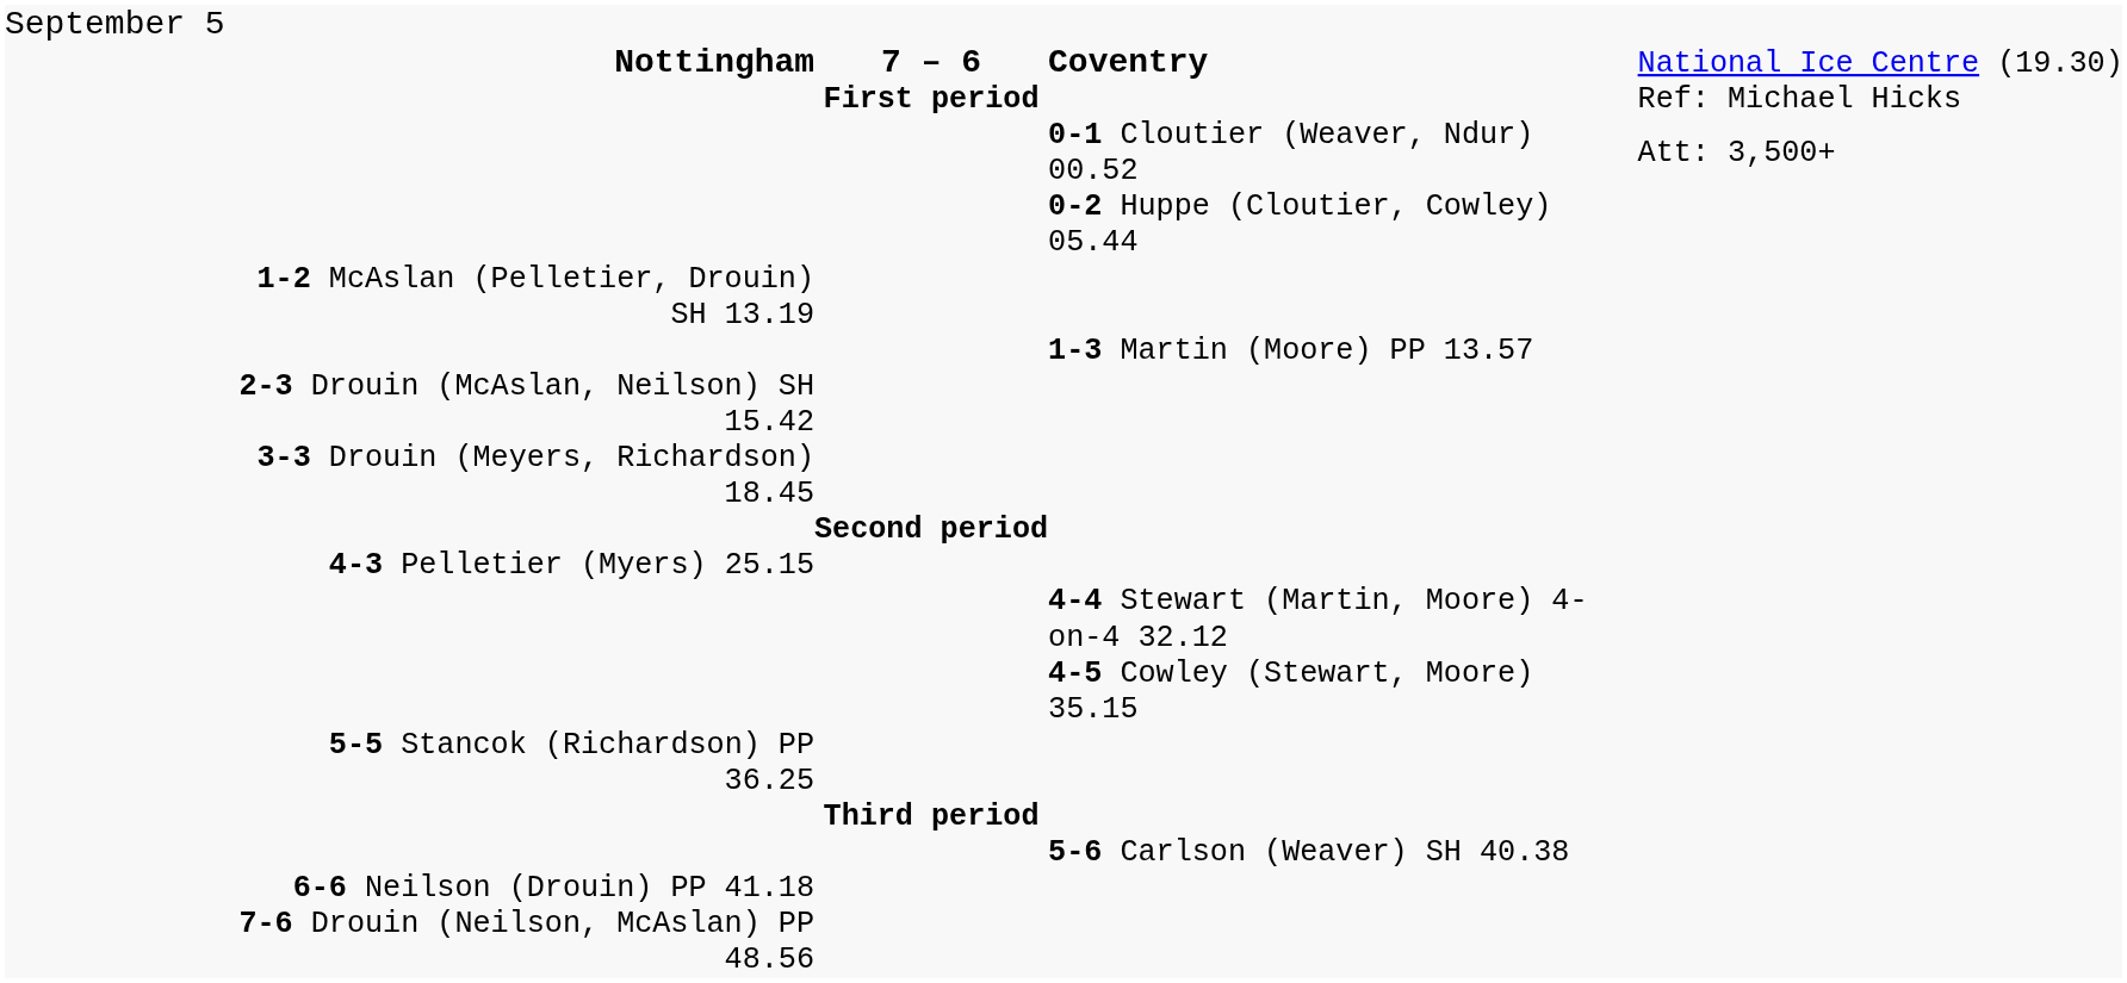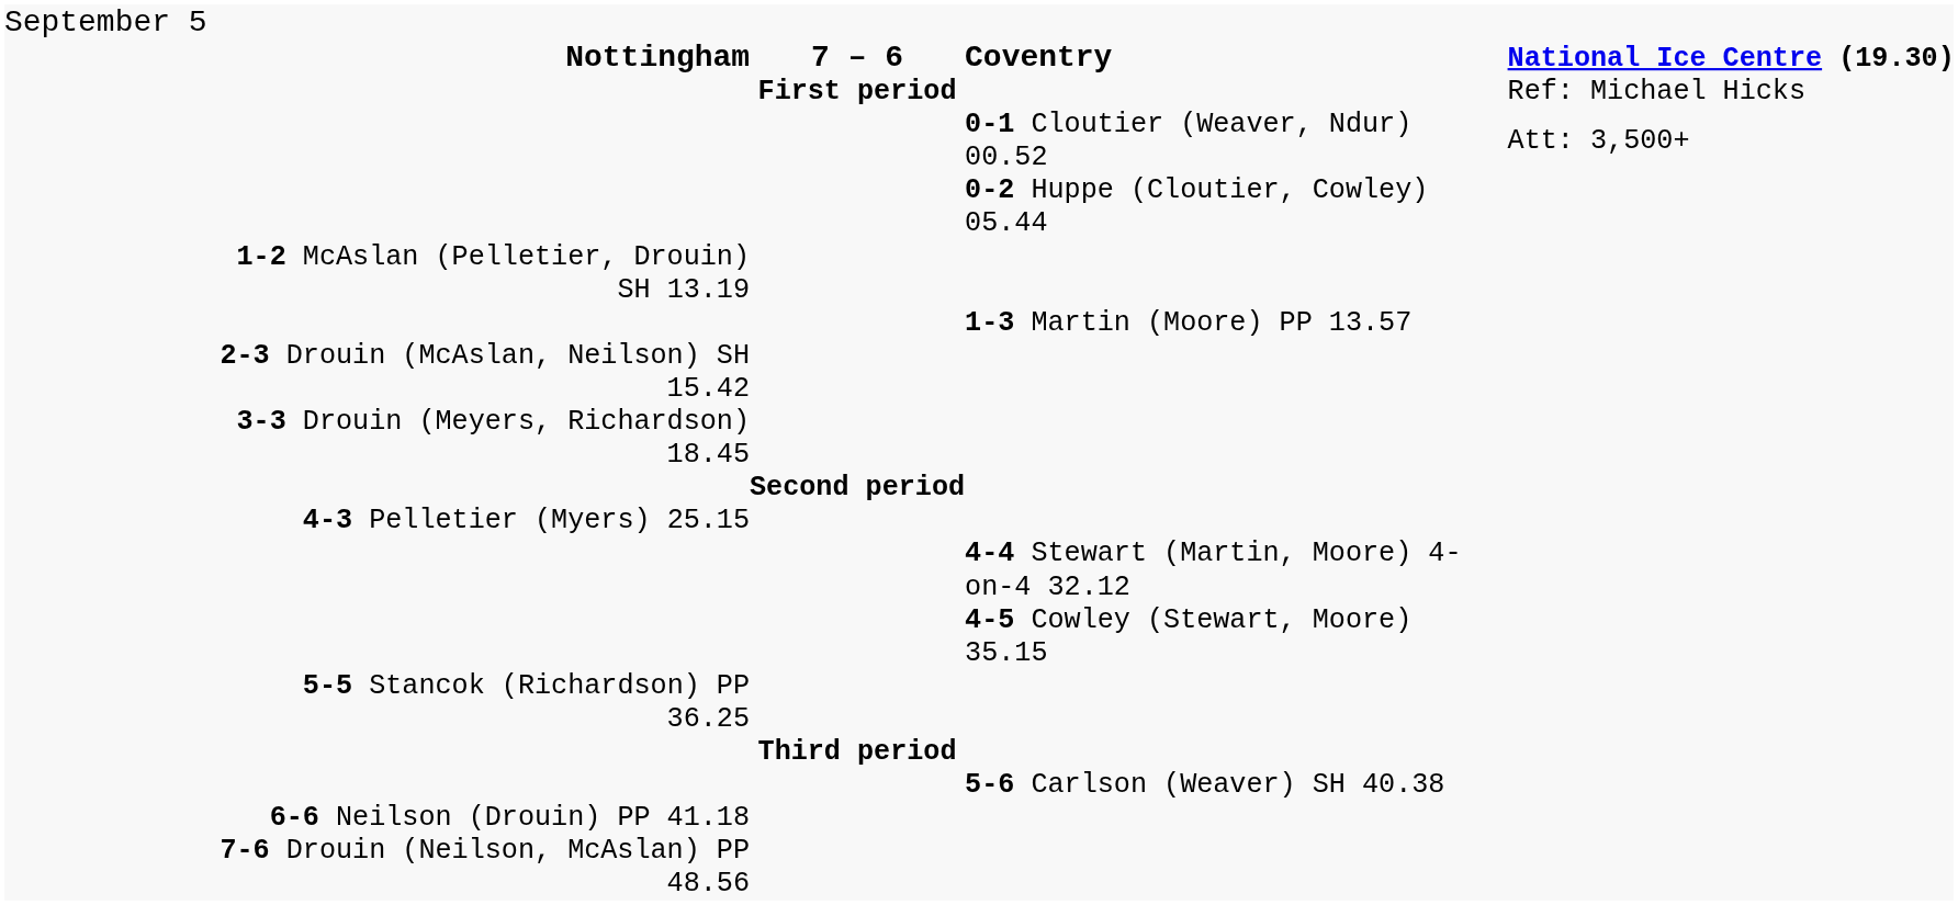 <table cellpadding=0 cellspacing=0 border=0 style="background-color:#F8F8F8">
 <tr>
 <td></td>
 </tr>
 <tr>
 <td>September 5</td>
 </tr>
 <tr>
 <td></td>
 <td align=right width="230"><strong>Nottingham</strong></td>
 <td align=center><strong>7 – 6</strong></td>
 <td width="230"><strong>Coventry</strong></td>
 <td></td>
-<td style=font-size:90%><a href='#'>National Ice Centre</a> (19.30)</td>
+<td style=font-size:90%><strong><a href='#'>National Ice Centre</a> (19.30)</strong></td>
 </tr>
 <tr style=font-size:90%>
 <td></td>
 <td></td>
 <td align=center><strong>First period</strong></td>
 <td></td>
 <td></td>
 <td>Ref: Michael Hicks</td>
 </tr>
 <tr style=font-size:90%>
 <td></td>
 <td align=right></td>
 <td></td>
 <td><strong>0-1</strong> Cloutier (Weaver, Ndur) 00.52</td>
 <td></td>
 <td>Att: 3,500+</td>
 </tr>
 <tr style=font-size:90%>
 <td></td>
 <td align=right></td>
 <td></td>
 <td><strong>0-2</strong> Huppe (Cloutier, Cowley) 05.44</td>
 </tr>
 <tr style=font-size:90%>
 <td></td>
 <td align=right><strong>1-2</strong> McAslan (Pelletier, Drouin) SH 13.19</td>
 </tr>
 <tr style=font-size:90%>
 <td></td>
 <td align=right></td>
 <td></td>
 <td><strong>1-3</strong> Martin (Moore) PP 13.57</td>
 </tr>
 <tr style=font-size:90%>
 <td></td>
 <td align=right><strong>2-3</strong> Drouin (McAslan, Neilson) SH 15.42</td>
 </tr>
 <tr style=font-size:90%>
 <td></td>
 <td align=right><strong>3-3</strong> Drouin (Meyers, Richardson) 18.45</td>
 </tr>
 <tr style=font-size:90%>
 <td></td>
 <td></td>
 <td align=center><strong>Second period</strong></td>
 <td></td>
 <td></td>
 <td></td>
 </tr>
 <tr style=font-size:90%>
 <td></td>
 <td align=right><strong>4-3</strong> Pelletier (Myers) 25.15</td>
 </tr>
 <tr style=font-size:90%>
 <td></td>
 <td align=right></td>
 <td></td>
 <td><strong>4-4</strong> Stewart (Martin, Moore) 4-on-4 32.12</td>
 </tr>
 <tr style=font-size:90%>
 <td></td>
 <td align=right></td>
 <td></td>
 <td><strong>4-5</strong> Cowley (Stewart, Moore) 35.15</td>
 </tr>
 <tr style=font-size:90%>
 <td></td>
 <td align=right><strong>5-5</strong> Stancok (Richardson) PP 36.25</td>
 </tr>
 <tr style=font-size:90%>
 <td></td>
 <td></td>
 <td align=center><strong>Third period</strong></td>
 <td></td>
 <td></td>
 <td></td>
 </tr>
 <tr style=font-size:90%>
 <td></td>
 <td align=right></td>
 <td></td>
 <td><strong>5-6</strong> Carlson (Weaver) SH 40.38</td>
 </tr>
 <tr style=font-size:90%>
 <td></td>
 <td align=right><strong>6-6</strong> Neilson (Drouin) PP 41.18</td>
 </tr>
 <tr style=font-size:90%>
 <td></td>
 <td align=right><strong>7-6</strong> Drouin (Neilson, McAslan) PP 48.56</td>
 </tr>
 </table>
